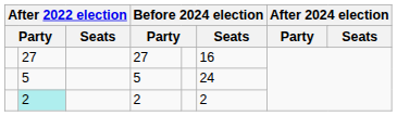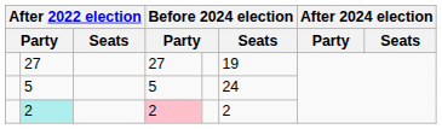 <table class="wikitable">
 <tr>
 <th colspan="3">After <a href='#'>2022 election</a></th>
 <th colspan="3">Before 2024 election</th>
 <th colspan="3">After 2024 election</th>
 </tr>
 <tr>
 <th colspan="2">Party</th>
 <th>Seats</th>
 <th colspan="2">Party</th>
 <th>Seats</th>
 <th colspan="2">Party</th>
 <th>Seats</th>
 </tr>
 <tr>
 <td></td>
 <td>27</td>
 <td></td>
 <td>27</td>
 <td></td>
-<td>16</td>
+<td>19</td>
 </tr>
 <tr>
 <td></td>
 <td>5</td>
 <td></td>
 <td>5</td>
 <td></td>
 <td>24</td>
 </tr>
 <tr>
 <td></td>
 <td style="background: paleturquoise;">2</td>
 <td></td>
-<td>2</td>
+<td style="background: pink;">2</td>
 <td></td>
 <td>2</td>
 </tr>
 </table>
